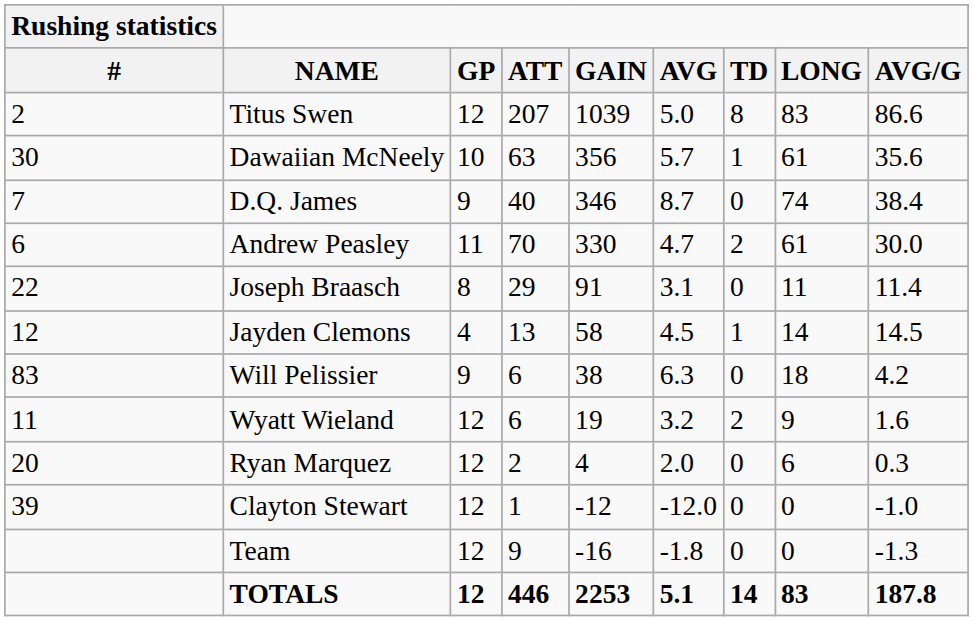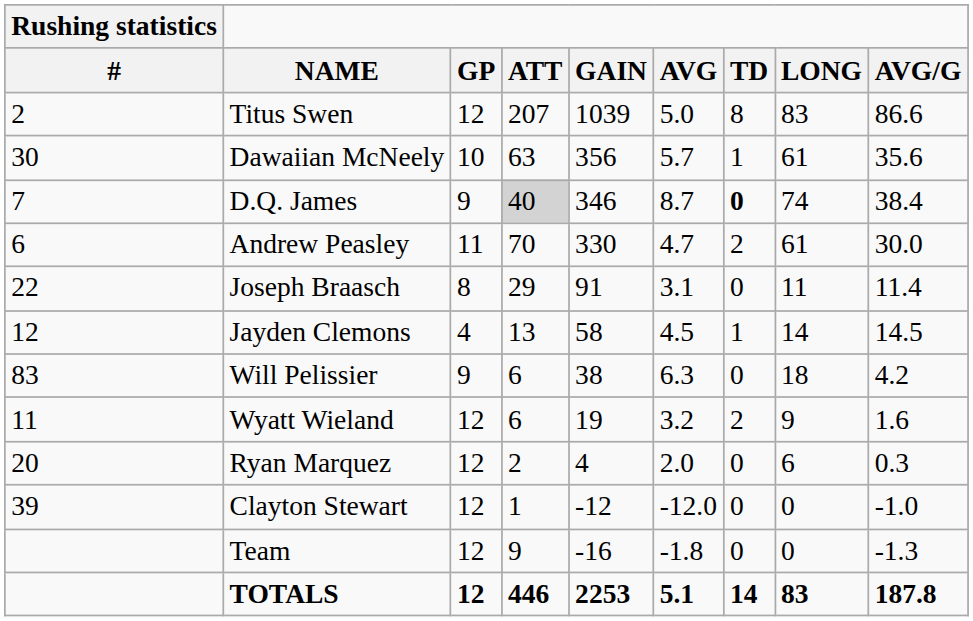 <table class="wikitable collapsible">
 <tr>
 <th style="text-align:center; ">Rushing statistics</th>
 </tr>
 <tr>
 <th>#</th>
 <th>NAME</th>
 <th>GP</th>
 <th>ATT</th>
 <th>GAIN</th>
 <th>AVG</th>
 <th>TD</th>
 <th>LONG</th>
 <th>AVG/G</th>
 </tr>
 <tr>
 <td>2</td>
 <td>Titus Swen</td>
 <td>12</td>
 <td>207</td>
 <td>1039</td>
 <td>5.0</td>
 <td>8</td>
 <td>83</td>
 <td>86.6</td>
 </tr>
 <tr>
 <td>30</td>
 <td>Dawaiian McNeely</td>
 <td>10</td>
 <td>63</td>
 <td>356</td>
 <td>5.7</td>
 <td>1</td>
 <td>61</td>
 <td>35.6</td>
 </tr>
 <tr>
 <td>7</td>
 <td>D.Q. James</td>
 <td>9</td>
-<td>40</td>
+<td style="background: lightgrey;">40</td>
 <td>346</td>
 <td>8.7</td>
-<td>0</td>
+<td><strong>0</strong></td>
 <td>74</td>
 <td>38.4</td>
 </tr>
 <tr>
 <td>6</td>
 <td>Andrew Peasley</td>
 <td>11</td>
 <td>70</td>
 <td>330</td>
 <td>4.7</td>
 <td>2</td>
 <td>61</td>
 <td>30.0</td>
 </tr>
 <tr>
 <td>22</td>
 <td>Joseph Braasch</td>
 <td>8</td>
 <td>29</td>
 <td>91</td>
 <td>3.1</td>
 <td>0</td>
 <td>11</td>
 <td>11.4</td>
 </tr>
 <tr>
 <td>12</td>
 <td>Jayden Clemons</td>
 <td>4</td>
 <td>13</td>
 <td>58</td>
 <td>4.5</td>
 <td>1</td>
 <td>14</td>
 <td>14.5</td>
 </tr>
 <tr>
 <td>83</td>
 <td>Will Pelissier</td>
 <td>9</td>
 <td>6</td>
 <td>38</td>
 <td>6.3</td>
 <td>0</td>
 <td>18</td>
 <td>4.2</td>
 </tr>
 <tr>
 <td>11</td>
 <td>Wyatt Wieland</td>
 <td>12</td>
 <td>6</td>
 <td>19</td>
 <td>3.2</td>
 <td>2</td>
 <td>9</td>
 <td>1.6</td>
 </tr>
 <tr>
 <td>20</td>
 <td>Ryan Marquez</td>
 <td>12</td>
 <td>2</td>
 <td>4</td>
 <td>2.0</td>
 <td>0</td>
 <td>6</td>
 <td>0.3</td>
 </tr>
 <tr>
 <td>39</td>
 <td>Clayton Stewart</td>
 <td>12</td>
 <td>1</td>
 <td>-12</td>
 <td>-12.0</td>
 <td>0</td>
 <td>0</td>
 <td>-1.0</td>
 </tr>
 <tr>
 <td></td>
 <td>Team</td>
 <td>12</td>
 <td>9</td>
 <td>-16</td>
 <td>-1.8</td>
 <td>0</td>
 <td>0</td>
 <td>-1.3</td>
 </tr>
 <tr>
 <td></td>
 <td><strong>TOTALS</strong></td>
 <td><strong>12</strong></td>
 <td><strong>446</strong></td>
 <td><strong>2253</strong></td>
 <td><strong>5.1</strong></td>
 <td><strong>14</strong></td>
 <td><strong>83</strong></td>
 <td><strong>187.8</strong></td>
 </tr>
 </table>
